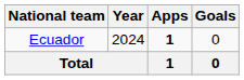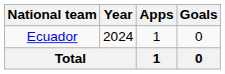 <table class=wikitable style=text-align:center>
 <tr>
 <th>National team</th>
 <th>Year</th>
 <th>Apps</th>
 <th>Goals</th>
 </tr>
 <tr>
 <td rowspan="1"><a href='#'>Ecuador</a></td>
 <td>2024</td>
-<td><strong>1</strong></td>
+<td>1</td>
 <td>0</td>
 </tr>
 <tr>
 <th colspan="2">Total</th>
 <th>1</th>
 <th>0</th>
 </tr>
 </table>
